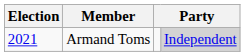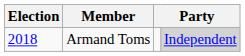 <table class="wikitable">
 <tr>
 <th>Election</th>
 <th>Member</th>
 <th colspan="2">Party</th>
 </tr>
 <tr>
-<td><a href='#'>2021</a></td>
+<td><a href='#'>2018</a></td>
 <td>Armand Toms</td>
 <td style="background-color: "></td>
 <td style="background: lightgrey;"><a href='#'>Independent</a></td>
 </tr>
 </table>
